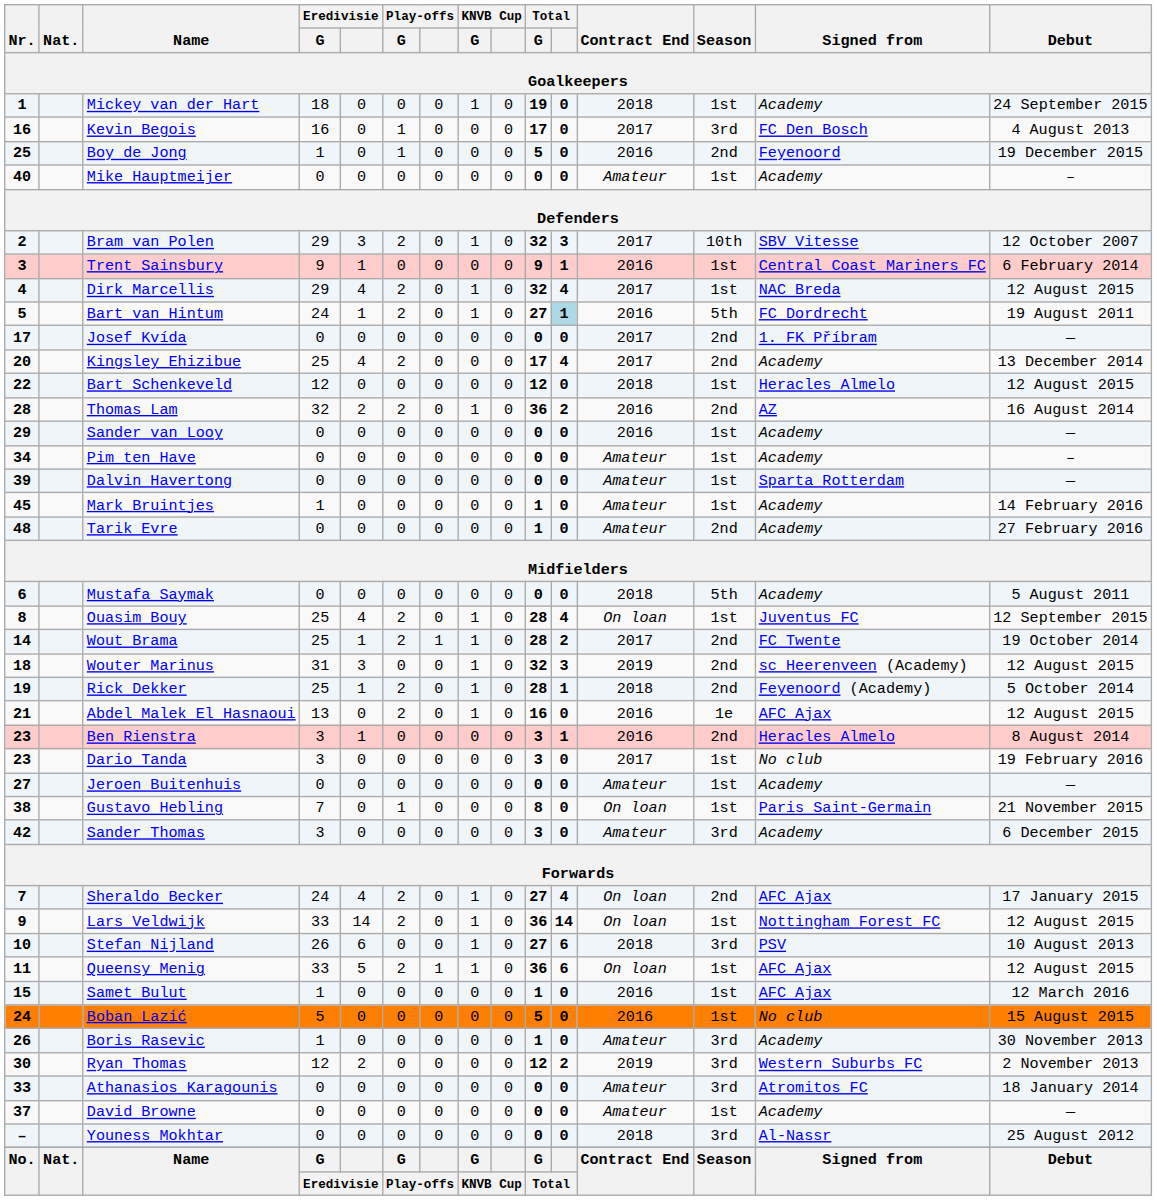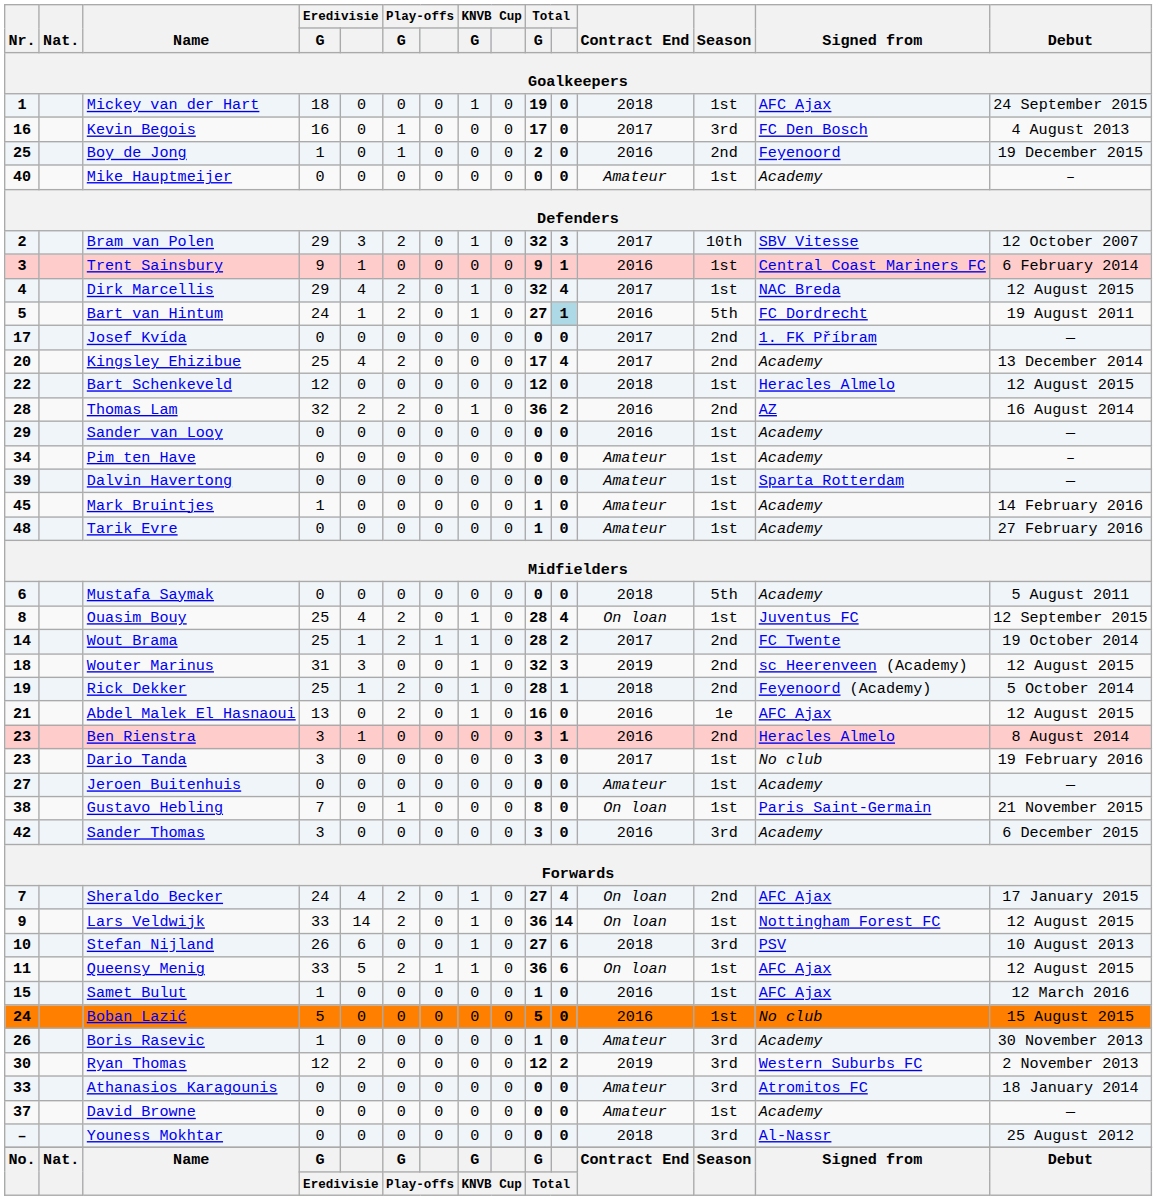 <table class="wikitable" style="font-size:85%; text-align: center;">
 <tr>
 <th rowspan="2" valign="bottom">Nr.</th>
 <th rowspan="2" valign="bottom">Nat.</th>
 <th rowspan="2" valign="bottom">Name</th>
 <th colspan="2"><small>Eredivisie</small></th>
 <th colspan="2"><small>Play-offs</small></th>
 <th colspan="2"><small>KNVB Cup</small></th>
 <th colspan="2"><small>Total</small></th>
 <th rowspan="2" valign="bottom">Contract End</th>
 <th rowspan="2" valign="bottom">Season</th>
 <th rowspan="2" valign="bottom">Signed from</th>
 <th rowspan="2" valign="bottom">Debut</th>
 </tr>
 <tr bgcolor="#D7E5EF">
 <th>G</th>
 <th></th>
 <th>G</th>
 <th></th>
 <th>G</th>
 <th></th>
 <th>G</th>
 <th></th>
 </tr>
 <tr>
 <th colspan="15" align="left" style="padding-top:15px;">Goalkeepers</th>
 </tr>
 <tr bgcolor="#F0F5F9">
 <td><strong>1</strong></td>
 <td></td>
 <td align=left><a href='#'>Mickey van der Hart</a></td>
 <td>18</td>
 <td>0</td>
 <td>0</td>
 <td>0</td>
 <td>1</td>
 <td>0</td>
 <td><strong>19</strong></td>
 <td><strong>0</strong></td>
 <td>2018</td>
 <td>1st</td>
-<td align="left"><em>Academy</em></td>
+<td align="left"> <a href='#'>AFC Ajax</a></td>
 <td>24 September 2015</td>
 </tr>
 <tr>
 <td><strong>16</strong></td>
 <td></td>
 <td align=left><a href='#'>Kevin Begois</a></td>
 <td>16</td>
 <td>0</td>
 <td>1</td>
 <td>0</td>
 <td>0</td>
 <td>0</td>
 <td><strong>17</strong></td>
 <td><strong>0</strong></td>
 <td>2017</td>
 <td>3rd</td>
 <td align="left"> <a href='#'>FC Den Bosch</a></td>
 <td>4 August 2013</td>
 </tr>
 <tr bgcolor="#F0F5F9">
 <td><strong>25</strong></td>
 <td></td>
 <td align=left><a href='#'>Boy de Jong</a></td>
 <td>1</td>
 <td>0</td>
 <td>1</td>
 <td>0</td>
 <td>0</td>
 <td>0</td>
-<td><strong>5</strong></td>
+<td><strong>2</strong></td>
 <td><strong>0</strong></td>
 <td>2016</td>
 <td>2nd</td>
 <td align="left"> <a href='#'>Feyenoord</a></td>
 <td>19 December 2015</td>
 </tr>
 <tr>
 <td><strong>40</strong></td>
 <td></td>
 <td align=left><a href='#'>Mike Hauptmeijer</a></td>
 <td>0</td>
 <td>0</td>
 <td>0</td>
 <td>0</td>
 <td>0</td>
 <td>0</td>
 <td><strong>0</strong></td>
 <td><strong>0</strong></td>
 <td><em>Amateur</em></td>
 <td>1st</td>
 <td align="left"><em>Academy</em></td>
 <td>–</td>
 </tr>
 <tr>
 <th colspan="15" align="left" style="padding-top:15px;">Defenders</th>
 </tr>
 <tr bgcolor="#F0F5F9">
 <td><strong>2</strong></td>
 <td></td>
 <td align=left><a href='#'>Bram van Polen</a></td>
 <td>29</td>
 <td>3</td>
 <td>2</td>
 <td>0</td>
 <td>1</td>
 <td>0</td>
 <td><strong>32</strong></td>
 <td><strong>3</strong></td>
 <td>2017</td>
 <td>10th</td>
 <td align="left"> <a href='#'>SBV Vitesse</a></td>
 <td>12 October 2007</td>
 </tr>
 <tr bgcolor="#FFCCCC">
 <td><strong>3</strong></td>
 <td></td>
 <td align=left><a href='#'>Trent Sainsbury</a></td>
 <td>9</td>
 <td>1</td>
 <td>0</td>
 <td>0</td>
 <td>0</td>
 <td>0</td>
 <td><strong>9</strong></td>
 <td><strong>1</strong></td>
 <td>2016</td>
 <td>1st</td>
 <td align="left"> <a href='#'>Central Coast Mariners FC</a></td>
 <td>6 February 2014</td>
 </tr>
 <tr bgcolor="#F0F5F9">
 <td><strong>4</strong></td>
 <td></td>
 <td align=left><a href='#'>Dirk Marcellis</a></td>
 <td>29</td>
 <td>4</td>
 <td>2</td>
 <td>0</td>
 <td>1</td>
 <td>0</td>
 <td><strong>32</strong></td>
 <td><strong>4</strong></td>
 <td>2017</td>
 <td>1st</td>
 <td align="left"> <a href='#'>NAC Breda</a></td>
 <td>12 August 2015</td>
 </tr>
 <tr>
 <td><strong>5</strong></td>
 <td></td>
 <td align=left><a href='#'>Bart van Hintum</a></td>
 <td>24</td>
 <td>1</td>
 <td>2</td>
 <td>0</td>
 <td>1</td>
 <td>0</td>
 <td><strong>27</strong></td>
 <td style="background: lightblue;"><strong>1</strong></td>
 <td>2016</td>
 <td>5th</td>
 <td align="left"> <a href='#'>FC Dordrecht</a></td>
 <td>19 August 2011</td>
 </tr>
 <tr bgcolor="#F0F5F9">
 <td><strong>17</strong></td>
 <td></td>
 <td align=left><a href='#'>Josef Kvída</a></td>
 <td>0</td>
 <td>0</td>
 <td>0</td>
 <td>0</td>
 <td>0</td>
 <td>0</td>
 <td><strong>0</strong></td>
 <td><strong>0</strong></td>
 <td>2017</td>
 <td>2nd</td>
 <td align="left"> <a href='#'>1. FK Příbram</a></td>
 <td>—</td>
 </tr>
 <tr>
 <td><strong>20</strong></td>
 <td></td>
 <td align=left><a href='#'>Kingsley Ehizibue</a></td>
 <td>25</td>
 <td>4</td>
 <td>2</td>
 <td>0</td>
 <td>0</td>
 <td>0</td>
 <td><strong>17</strong></td>
 <td><strong>4</strong></td>
 <td>2017</td>
 <td>2nd</td>
 <td align="left"><em>Academy</em></td>
 <td>13 December 2014</td>
 </tr>
 <tr bgcolor="#F0F5F9">
 <td><strong>22</strong></td>
 <td></td>
 <td align=left><a href='#'>Bart Schenkeveld</a></td>
 <td>12</td>
 <td>0</td>
 <td>0</td>
 <td>0</td>
 <td>0</td>
 <td>0</td>
 <td><strong>12</strong></td>
 <td><strong>0</strong></td>
 <td>2018</td>
 <td>1st</td>
 <td align="left"> <a href='#'>Heracles Almelo</a></td>
 <td>12 August 2015</td>
 </tr>
 <tr>
 <td><strong>28</strong></td>
 <td></td>
 <td align=left><a href='#'>Thomas Lam</a></td>
 <td>32</td>
 <td>2</td>
 <td>2</td>
 <td>0</td>
 <td>1</td>
 <td>0</td>
 <td><strong>36</strong></td>
 <td><strong>2</strong></td>
 <td>2016</td>
 <td>2nd</td>
 <td align="left"> <a href='#'>AZ</a></td>
 <td>16 August 2014</td>
 </tr>
 <tr bgcolor="#F0F5F9">
 <td><strong>29</strong></td>
 <td></td>
 <td align=left><a href='#'>Sander van Looy</a></td>
 <td>0</td>
 <td>0</td>
 <td>0</td>
 <td>0</td>
 <td>0</td>
 <td>0</td>
 <td><strong>0</strong></td>
 <td><strong>0</strong></td>
 <td>2016</td>
 <td>1st</td>
 <td align="left"><em>Academy</em></td>
 <td>—</td>
 </tr>
 <tr>
 <td><strong>34</strong></td>
 <td></td>
 <td align=left><a href='#'>Pim ten Have</a></td>
 <td>0</td>
 <td>0</td>
 <td>0</td>
 <td>0</td>
 <td>0</td>
 <td>0</td>
 <td><strong>0</strong></td>
 <td><strong>0</strong></td>
 <td><em>Amateur</em></td>
 <td>1st</td>
 <td align="left"><em>Academy</em></td>
 <td>–</td>
 </tr>
 <tr bgcolor="#F0F5F9">
 <td><strong>39</strong></td>
 <td></td>
 <td align=left><a href='#'>Dalvin Havertong</a></td>
 <td>0</td>
 <td>0</td>
 <td>0</td>
 <td>0</td>
 <td>0</td>
 <td>0</td>
 <td><strong>0</strong></td>
 <td><strong>0</strong></td>
 <td><em>Amateur</em></td>
 <td>1st</td>
 <td align="left"> <a href='#'>Sparta Rotterdam</a></td>
 <td>—</td>
 </tr>
 <tr>
 <td><strong>45</strong></td>
 <td></td>
 <td align=left><a href='#'>Mark Bruintjes</a></td>
 <td>1</td>
 <td>0</td>
 <td>0</td>
 <td>0</td>
 <td>0</td>
 <td>0</td>
 <td><strong>1</strong></td>
 <td><strong>0</strong></td>
 <td><em>Amateur</em></td>
 <td>1st</td>
 <td align="left"><em>Academy</em></td>
 <td>14 February 2016</td>
 </tr>
 <tr bgcolor="#F0F5F9">
 <td><strong>48</strong></td>
 <td></td>
 <td align=left><a href='#'>Tarik Evre</a></td>
 <td>0</td>
 <td>0</td>
 <td>0</td>
 <td>0</td>
 <td>0</td>
 <td>0</td>
 <td><strong>1</strong></td>
 <td><strong>0</strong></td>
 <td><em>Amateur</em></td>
-<td>2nd</td>
+<td>1st</td>
 <td align="left"><em>Academy</em></td>
 <td>27 February 2016</td>
 </tr>
 <tr>
 <th colspan="15" align="left" style="padding-top:15px;">Midfielders</th>
 </tr>
 <tr bgcolor="#F0F5F9">
 <td><strong>6</strong></td>
 <td></td>
 <td align=left><a href='#'>Mustafa Saymak</a></td>
 <td>0</td>
 <td>0</td>
 <td>0</td>
 <td>0</td>
 <td>0</td>
 <td>0</td>
 <td><strong>0</strong></td>
 <td><strong>0</strong></td>
 <td>2018</td>
 <td>5th</td>
 <td align="left"><em>Academy</em></td>
 <td>5 August 2011</td>
 </tr>
 <tr>
 <td><strong>8</strong></td>
 <td></td>
 <td align=left><a href='#'>Ouasim Bouy</a></td>
 <td>25</td>
 <td>4</td>
 <td>2</td>
 <td>0</td>
 <td>1</td>
 <td>0</td>
 <td><strong>28</strong></td>
 <td><strong>4</strong></td>
 <td><em>On loan</em></td>
 <td>1st</td>
 <td align="left"> <a href='#'>Juventus FC</a></td>
 <td>12 September 2015</td>
 </tr>
 <tr bgcolor="#F0F5F9">
 <td><strong>14</strong></td>
 <td></td>
 <td align=left><a href='#'>Wout Brama</a></td>
 <td>25</td>
 <td>1</td>
 <td>2</td>
 <td>1</td>
 <td>1</td>
 <td>0</td>
 <td><strong>28</strong></td>
 <td><strong>2</strong></td>
 <td>2017</td>
 <td>2nd</td>
 <td align="left"> <a href='#'>FC Twente</a></td>
 <td>19 October 2014</td>
 </tr>
 <tr>
 <td><strong>18</strong></td>
 <td></td>
 <td align=left><a href='#'>Wouter Marinus</a></td>
 <td>31</td>
 <td>3</td>
 <td>0</td>
 <td>0</td>
 <td>1</td>
 <td>0</td>
 <td><strong>32</strong></td>
 <td><strong>3</strong></td>
 <td>2019</td>
 <td>2nd</td>
 <td align="left"> <a href='#'>sc Heerenveen</a> (Academy)</td>
 <td>12 August 2015</td>
 </tr>
 <tr bgcolor="#F0F5F9">
 <td><strong>19</strong></td>
 <td></td>
 <td align=left><a href='#'>Rick Dekker</a></td>
 <td>25</td>
 <td>1</td>
 <td>2</td>
 <td>0</td>
 <td>1</td>
 <td>0</td>
 <td><strong>28</strong></td>
 <td><strong>1</strong></td>
 <td>2018</td>
 <td>2nd</td>
 <td align="left"> <a href='#'>Feyenoord</a> (Academy)</td>
 <td>5 October 2014</td>
 </tr>
 <tr>
 <td><strong>21</strong></td>
 <td></td>
 <td align=left><a href='#'>Abdel Malek El Hasnaoui</a></td>
 <td>13</td>
 <td>0</td>
 <td>2</td>
 <td>0</td>
 <td>1</td>
 <td>0</td>
 <td><strong>16</strong></td>
 <td><strong>0</strong></td>
 <td>2016</td>
 <td>1e</td>
 <td align="left"> <a href='#'>AFC Ajax</a></td>
 <td>12 August 2015</td>
 </tr>
 <tr bgcolor="#FFCCCC">
 <td><strong>23</strong></td>
 <td></td>
 <td align=left><a href='#'>Ben Rienstra</a></td>
 <td>3</td>
 <td>1</td>
 <td>0</td>
 <td>0</td>
 <td>0</td>
 <td>0</td>
 <td><strong>3</strong></td>
 <td><strong>1</strong></td>
 <td>2016</td>
 <td>2nd</td>
 <td align="left"> <a href='#'>Heracles Almelo</a></td>
 <td>8 August 2014</td>
 </tr>
 <tr>
 <td><strong>23</strong></td>
 <td></td>
 <td align=left><a href='#'>Dario Tanda</a></td>
 <td>3</td>
 <td>0</td>
 <td>0</td>
 <td>0</td>
 <td>0</td>
 <td>0</td>
 <td><strong>3</strong></td>
 <td><strong>0</strong></td>
 <td>2017</td>
 <td>1st</td>
 <td align="left"><em>No club</em></td>
 <td>19 February 2016</td>
 </tr>
 <tr bgcolor="#F0F5F9">
 <td><strong>27</strong></td>
 <td></td>
 <td align=left><a href='#'>Jeroen Buitenhuis</a></td>
 <td>0</td>
 <td>0</td>
 <td>0</td>
 <td>0</td>
 <td>0</td>
 <td>0</td>
 <td><strong>0</strong></td>
 <td><strong>0</strong></td>
 <td><em>Amateur</em></td>
 <td>1st</td>
 <td align="left"><em>Academy</em></td>
 <td>—</td>
 </tr>
 <tr>
 <td><strong>38</strong></td>
 <td></td>
 <td align=left><a href='#'>Gustavo Hebling</a></td>
 <td>7</td>
 <td>0</td>
 <td>1</td>
 <td>0</td>
 <td>0</td>
 <td>0</td>
 <td><strong>8</strong></td>
 <td><strong>0</strong></td>
 <td><em>On loan</em></td>
 <td>1st</td>
 <td align="left"> <a href='#'>Paris Saint-Germain</a></td>
 <td>21 November 2015</td>
 </tr>
 <tr bgcolor="#F0F5F9">
 <td><strong>42</strong></td>
 <td></td>
 <td align=left><a href='#'>Sander Thomas</a></td>
 <td>3</td>
 <td>0</td>
 <td>0</td>
 <td>0</td>
 <td>0</td>
 <td>0</td>
 <td><strong>3</strong></td>
 <td><strong>0</strong></td>
-<td><em>Amateur</em></td>
+<td>2016</td>
 <td>3rd</td>
 <td align="left"><em>Academy</em></td>
 <td>6 December 2015</td>
 </tr>
 <tr>
 <th colspan="15" align="left" style="padding-top:15px;">Forwards</th>
 </tr>
 <tr bgcolor="#F0F5F9">
 <td><strong>7</strong></td>
 <td></td>
 <td align=left><a href='#'>Sheraldo Becker</a></td>
 <td>24</td>
 <td>4</td>
 <td>2</td>
 <td>0</td>
 <td>1</td>
 <td>0</td>
 <td><strong>27</strong></td>
 <td><strong>4</strong></td>
 <td><em>On loan</em></td>
 <td>2nd</td>
 <td align="left"> <a href='#'>AFC Ajax</a></td>
 <td>17 January 2015</td>
 </tr>
 <tr>
 <td><strong>9</strong></td>
 <td></td>
 <td align=left><a href='#'>Lars Veldwijk</a></td>
 <td>33</td>
 <td>14</td>
 <td>2</td>
 <td>0</td>
 <td>1</td>
 <td>0</td>
 <td><strong>36</strong></td>
 <td><strong>14</strong></td>
 <td><em>On loan</em></td>
 <td>1st</td>
 <td align="left"> <a href='#'>Nottingham Forest FC</a></td>
 <td>12 August 2015</td>
 </tr>
 <tr bgcolor="#F0F5F9">
 <td><strong>10</strong></td>
 <td></td>
 <td align=left><a href='#'>Stefan Nijland</a></td>
 <td>26</td>
 <td>6</td>
 <td>0</td>
 <td>0</td>
 <td>1</td>
 <td>0</td>
 <td><strong>27</strong></td>
 <td><strong>6</strong></td>
 <td>2018</td>
 <td>3rd</td>
 <td align="left"> <a href='#'>PSV</a></td>
 <td>10 August 2013</td>
 </tr>
 <tr>
 <td><strong>11</strong></td>
 <td></td>
 <td align=left><a href='#'>Queensy Menig</a></td>
 <td>33</td>
 <td>5</td>
 <td>2</td>
 <td>1</td>
 <td>1</td>
 <td>0</td>
 <td><strong>36</strong></td>
 <td><strong>6</strong></td>
 <td><em>On loan</em></td>
 <td>1st</td>
 <td align="left"> <a href='#'>AFC Ajax</a></td>
 <td>12 August 2015</td>
 </tr>
 <tr bgcolor="#F0F5F9">
 <td><strong>15</strong></td>
 <td></td>
 <td align=left><a href='#'>Samet Bulut</a></td>
 <td>1</td>
 <td>0</td>
 <td>0</td>
 <td>0</td>
 <td>0</td>
 <td>0</td>
 <td><strong>1</strong></td>
 <td><strong>0</strong></td>
 <td>2016</td>
 <td>1st</td>
 <td align="left"> <a href='#'>AFC Ajax</a></td>
 <td>12 March 2016</td>
 </tr>
 <tr bgcolor="#FF7F00">
 <td><strong>24</strong></td>
 <td></td>
 <td align=left><a href='#'>Boban Lazić</a></td>
 <td>5</td>
 <td>0</td>
 <td>0</td>
 <td>0</td>
 <td>0</td>
 <td>0</td>
 <td><strong>5</strong></td>
 <td><strong>0</strong></td>
 <td>2016</td>
 <td>1st</td>
 <td align="left"><em>No club</em></td>
 <td>15 August 2015</td>
 </tr>
 <tr bgcolor="#F0F5F9">
 <td><strong>26</strong></td>
 <td></td>
 <td align=left><a href='#'>Boris Rasevic</a></td>
 <td>1</td>
 <td>0</td>
 <td>0</td>
 <td>0</td>
 <td>0</td>
 <td>0</td>
 <td><strong>1</strong></td>
 <td><strong>0</strong></td>
 <td><em>Amateur</em></td>
 <td>3rd</td>
 <td align="left"><em>Academy</em></td>
 <td>30 November 2013</td>
 </tr>
 <tr>
 <td><strong>30</strong></td>
 <td></td>
 <td align=left><a href='#'>Ryan Thomas</a></td>
 <td>12</td>
 <td>2</td>
 <td>0</td>
 <td>0</td>
 <td>0</td>
 <td>0</td>
 <td><strong>12</strong></td>
 <td><strong>2</strong></td>
 <td>2019</td>
 <td>3rd</td>
 <td align="left"> <a href='#'>Western Suburbs FC</a></td>
 <td>2 November 2013</td>
 </tr>
 <tr bgcolor="#F0F5F9">
 <td><strong>33</strong></td>
 <td></td>
 <td align=left><a href='#'>Athanasios Karagounis</a></td>
 <td>0</td>
 <td>0</td>
 <td>0</td>
 <td>0</td>
 <td>0</td>
 <td>0</td>
 <td><strong>0</strong></td>
 <td><strong>0</strong></td>
 <td><em>Amateur</em></td>
 <td>3rd</td>
 <td align="left"> <a href='#'>Atromitos FC</a></td>
 <td>18 January 2014</td>
 </tr>
 <tr>
 <td><strong>37</strong></td>
 <td></td>
 <td align=left><a href='#'>David Browne</a></td>
 <td>0</td>
 <td>0</td>
 <td>0</td>
 <td>0</td>
 <td>0</td>
 <td>0</td>
 <td><strong>0</strong></td>
 <td><strong>0</strong></td>
 <td><em>Amateur</em></td>
 <td>1st</td>
 <td align="left"><em>Academy</em></td>
 <td>—</td>
 </tr>
 <tr bgcolor="#F0F5F9">
 <td><strong>–</strong></td>
 <td></td>
 <td align=left><a href='#'>Youness Mokhtar</a></td>
 <td>0</td>
 <td>0</td>
 <td>0</td>
 <td>0</td>
 <td>0</td>
 <td>0</td>
 <td><strong>0</strong></td>
 <td><strong>0</strong></td>
 <td>2018</td>
 <td>3rd</td>
 <td align="left"> <a href='#'>Al-Nassr</a></td>
 <td>25 August 2012</td>
 </tr>
 <tr bgcolor="#F0F5F9">
 </tr>
 <tr bgcolor="#D7E5EF">
 <th rowspan="2" valign="top">No.</th>
 <th rowspan="2" valign="top">Nat.</th>
 <th rowspan="2" valign="top">Name</th>
 <th>G</th>
 <th></th>
 <th>G</th>
 <th></th>
 <th>G</th>
 <th></th>
 <th>G</th>
 <th></th>
 <th rowspan="2" valign="top">Contract End</th>
 <th rowspan="2" valign="top">Season</th>
 <th rowspan="2" valign="top">Signed from</th>
 <th rowspan="2" valign="top">Debut</th>
 </tr>
 <tr bgcolor="#D7E5EF">
 <th colspan="2"><small>Eredivisie</small></th>
 <th colspan="2"><small>Play-offs</small></th>
 <th colspan="2"><small>KNVB Cup</small></th>
 <th colspan="2"><small>Total</small></th>
 </tr>
 </table>
